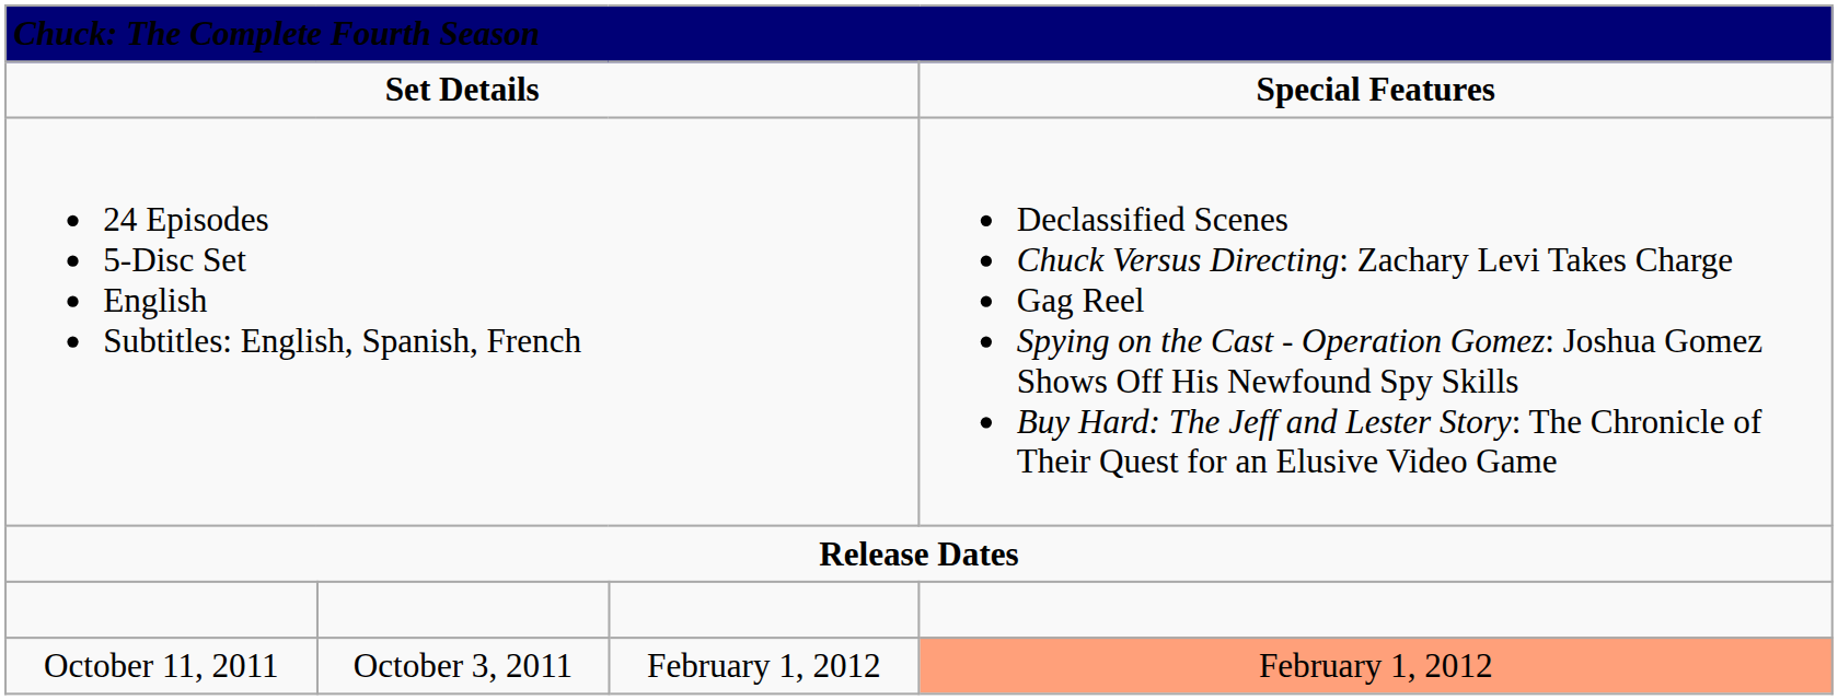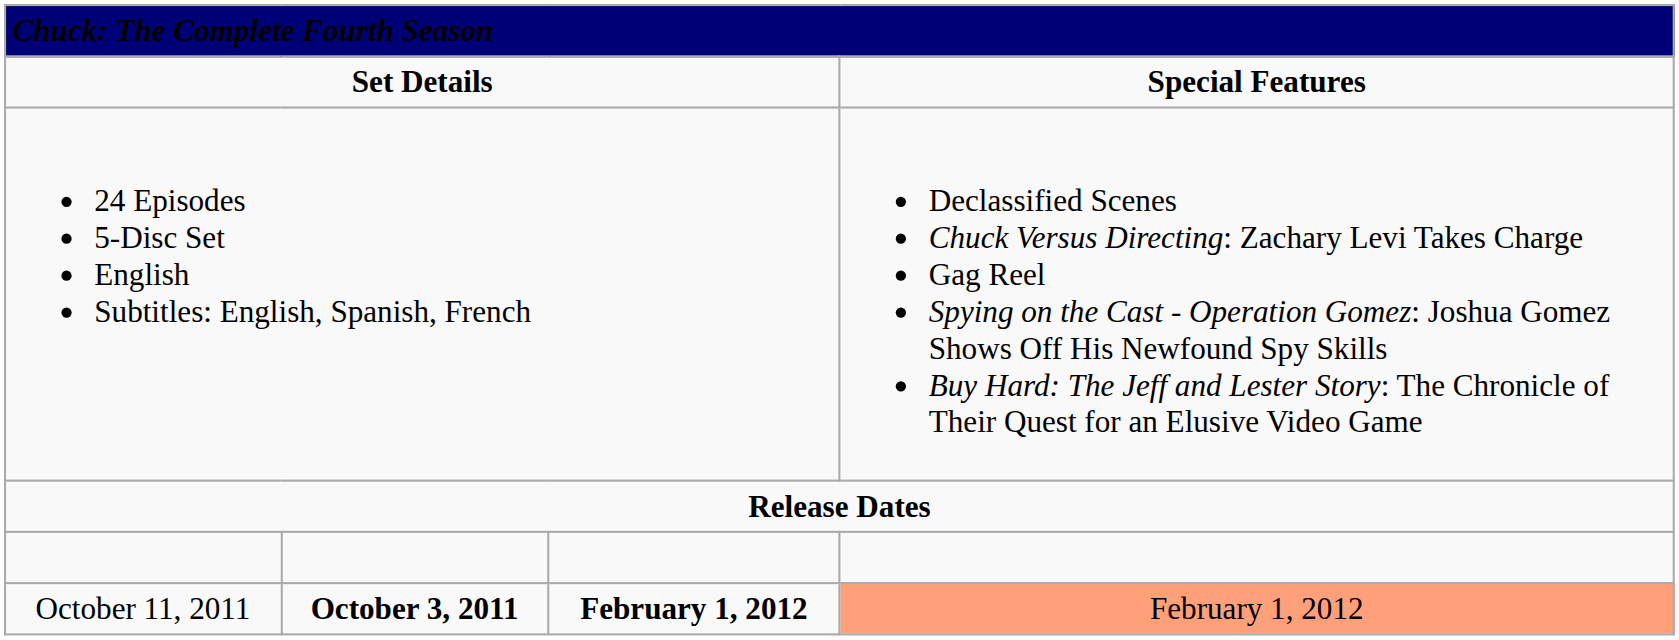 <table class="wikitable" style="font-size: 95%;">
 <tr style="background:#000076">
 <td colspan="6"><span><strong><em>Chuck: The Complete Fourth Season</em></strong></span></td>
 </tr>
 <tr valign="top">
 <td align="center" width="400" colspan="3"><strong>Set Details</strong></td>
 <td width="400" align="center" colspan="3"><strong>Special Features</strong></td>
 </tr>
 <tr valign="top">
 <td colspan="3" align="left"><br><ul><li>24 Episodes</li><li>5-Disc Set</li><li>English</li><li>Subtitles: English, Spanish, French</li></ul></td>
 <td colspan="3" align="left" width="400"><br><ul><li>Declassified Scenes</li><li><em>Chuck Versus Directing</em>: Zachary Levi Takes Charge</li><li>Gag Reel</li><li><em>Spying on the Cast - Operation Gomez</em>: Joshua Gomez Shows Off His Newfound Spy Skills</li><li><em>Buy Hard: The Jeff and Lester Story</em>: The Chronicle of Their Quest for an Elusive Video Game</li></ul></td>
 </tr>
 <tr>
 <td colspan="6" align="center"><strong>Release Dates</strong></td>
 </tr>
 <tr>
 <td colspan="1" align="center"><br></td>
 <td colspan="1" align="center"></td>
 <td colspan="1" align="center"><br></td>
 <td colspan="1" align="center"></td>
 </tr>
 <tr>
 <td colspan="1" align="center">October 11, 2011</td>
-<td colspan="1" align="center">October 3, 2011</td>
-<td colspan="1" align="center">February 1, 2012</td>
+<td colspan="1" align="center"><strong>October 3, 2011</strong></td>
+<td colspan="1" align="center"><strong>February 1, 2012</strong></td>
 <td colspan="1" align="center" style="background: lightsalmon;">February 1, 2012</td>
 </tr>
 </table>
